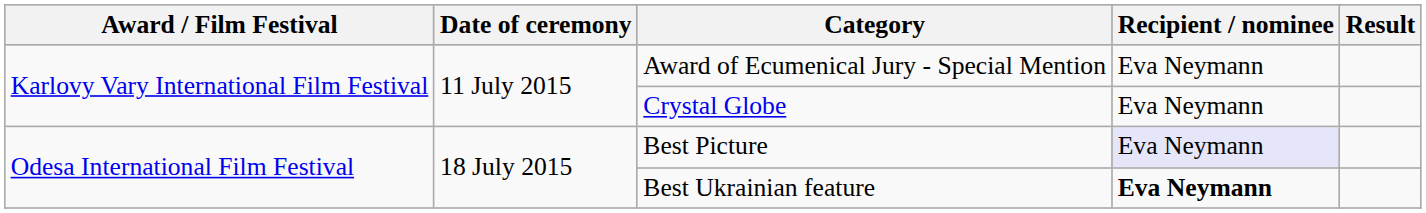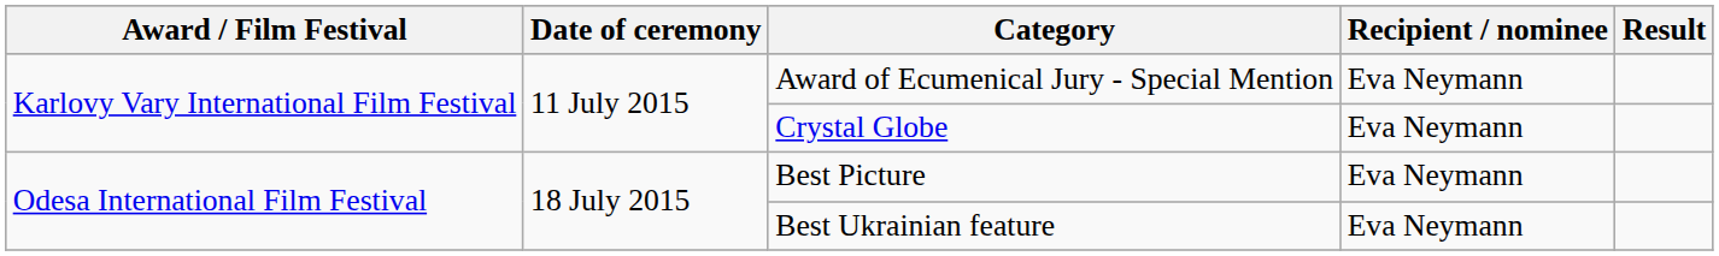 <table class="wikitable sortable">
 <tr style="background:#ccc;">
 <th>Award / Film Festival</th>
 <th>Date of ceremony</th>
 <th>Category</th>
 <th>Recipient / nominee</th>
 <th>Result</th>
 </tr>
 <tr>
 <td rowspan="2"><a href='#'>Karlovy Vary International Film Festival</a></td>
 <td rowspan="2">11 July 2015</td>
 <td>Award of Ecumenical Jury - Special Mention</td>
 <td>Eva Neymann</td>
 <td></td>
 </tr>
 <tr>
 <td><a href='#'>Crystal Globe</a></td>
 <td>Eva Neymann</td>
 <td></td>
 </tr>
 <tr>
 <td rowspan="2"><a href='#'>Odesa International Film Festival</a></td>
 <td rowspan="2">18 July 2015</td>
 <td>Best Picture</td>
-<td style="background: lavender;">Eva Neymann</td>
+<td>Eva Neymann</td>
 <td></td>
 </tr>
 <tr>
 <td>Best Ukrainian feature</td>
-<td><strong>Eva Neymann</strong></td>
+<td>Eva Neymann</td>
 <td></td>
 </tr>
 </table>
